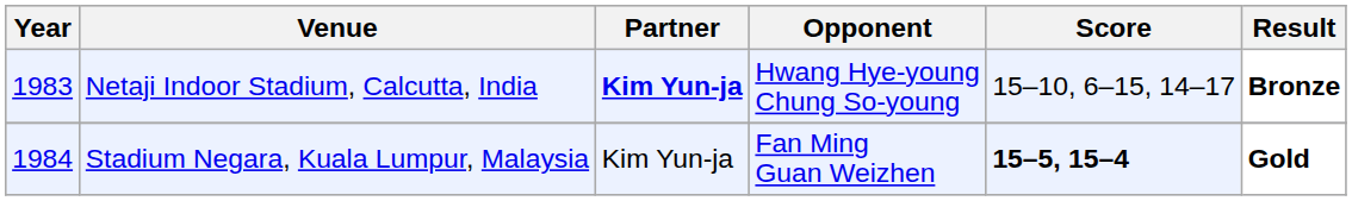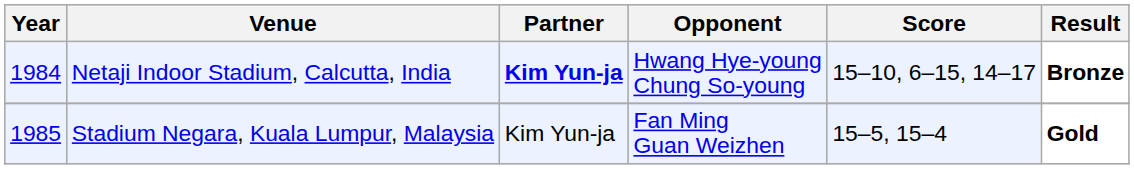 <table class="sortable wikitable" style="font-size: 90%;">
 <tr>
 <th>Year</th>
 <th>Venue</th>
 <th>Partner</th>
 <th>Opponent</th>
 <th>Score</th>
 <th>Result</th>
 </tr>
 <tr style="background:#ECF2FF">
-<td align="center"><a href='#'>1983</a></td>
+<td align="center"><a href='#'>1984</a></td>
 <td align="left"><a href='#'>Netaji Indoor Stadium</a>, <a href='#'>Calcutta</a>, <a href='#'>India</a></td>
 <td align="left"><strong> <a href='#'>Kim Yun-ja</a></strong></td>
 <td align="left"> <a href='#'>Hwang Hye-young</a><br> <a href='#'>Chung So-young</a></td>
 <td align="left">15–10, 6–15, 14–17</td>
 <td style="text-align:left; background: white"> <strong>Bronze</strong></td>
 </tr>
 <tr>
 </tr>
 <tr style="background:#ECF2FF">
-<td align="center"><a href='#'>1984</a></td>
+<td align="center"><a href='#'>1985</a></td>
 <td align="left"><a href='#'>Stadium Negara</a>, <a href='#'>Kuala Lumpur</a>, <a href='#'>Malaysia</a></td>
 <td align="left"> Kim Yun-ja</td>
 <td align="left"> <a href='#'>Fan Ming</a><br> <a href='#'>Guan Weizhen</a></td>
-<td align="left"><strong>15–5, 15–4</strong></td>
+<td align="left">15–5, 15–4</td>
 <td style="text-align:left; background: white"> <strong>Gold</strong></td>
 </tr>
 </table>
